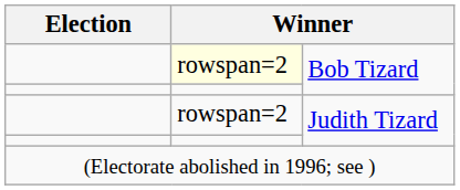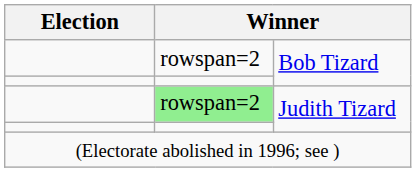 <table class=wikitable>
 <tr>
 <th width=100>Election</th>
 <th width=175 colspan=2>Winner</th>
 </tr>
 <tr>
 <td></td>
-<td style="background: lightyellow;">rowspan=2 </td>
+<td>rowspan=2 </td>
 <td rowspan=2><a href='#'>Bob Tizard</a></td>
 </tr>
 <tr>
 <td></td>
 </tr>
 <tr>
 <td></td>
-<td>rowspan=2 </td>
+<td style="background: lightgreen;">rowspan=2 </td>
 <td rowspan=2><a href='#'>Judith Tizard</a></td>
 </tr>
 <tr>
 <td></td>
 </tr>
 <tr>
 <td colspan=3 align=center><small>(Electorate abolished in 1996; see )</small></td>
 </tr>
 </table>
